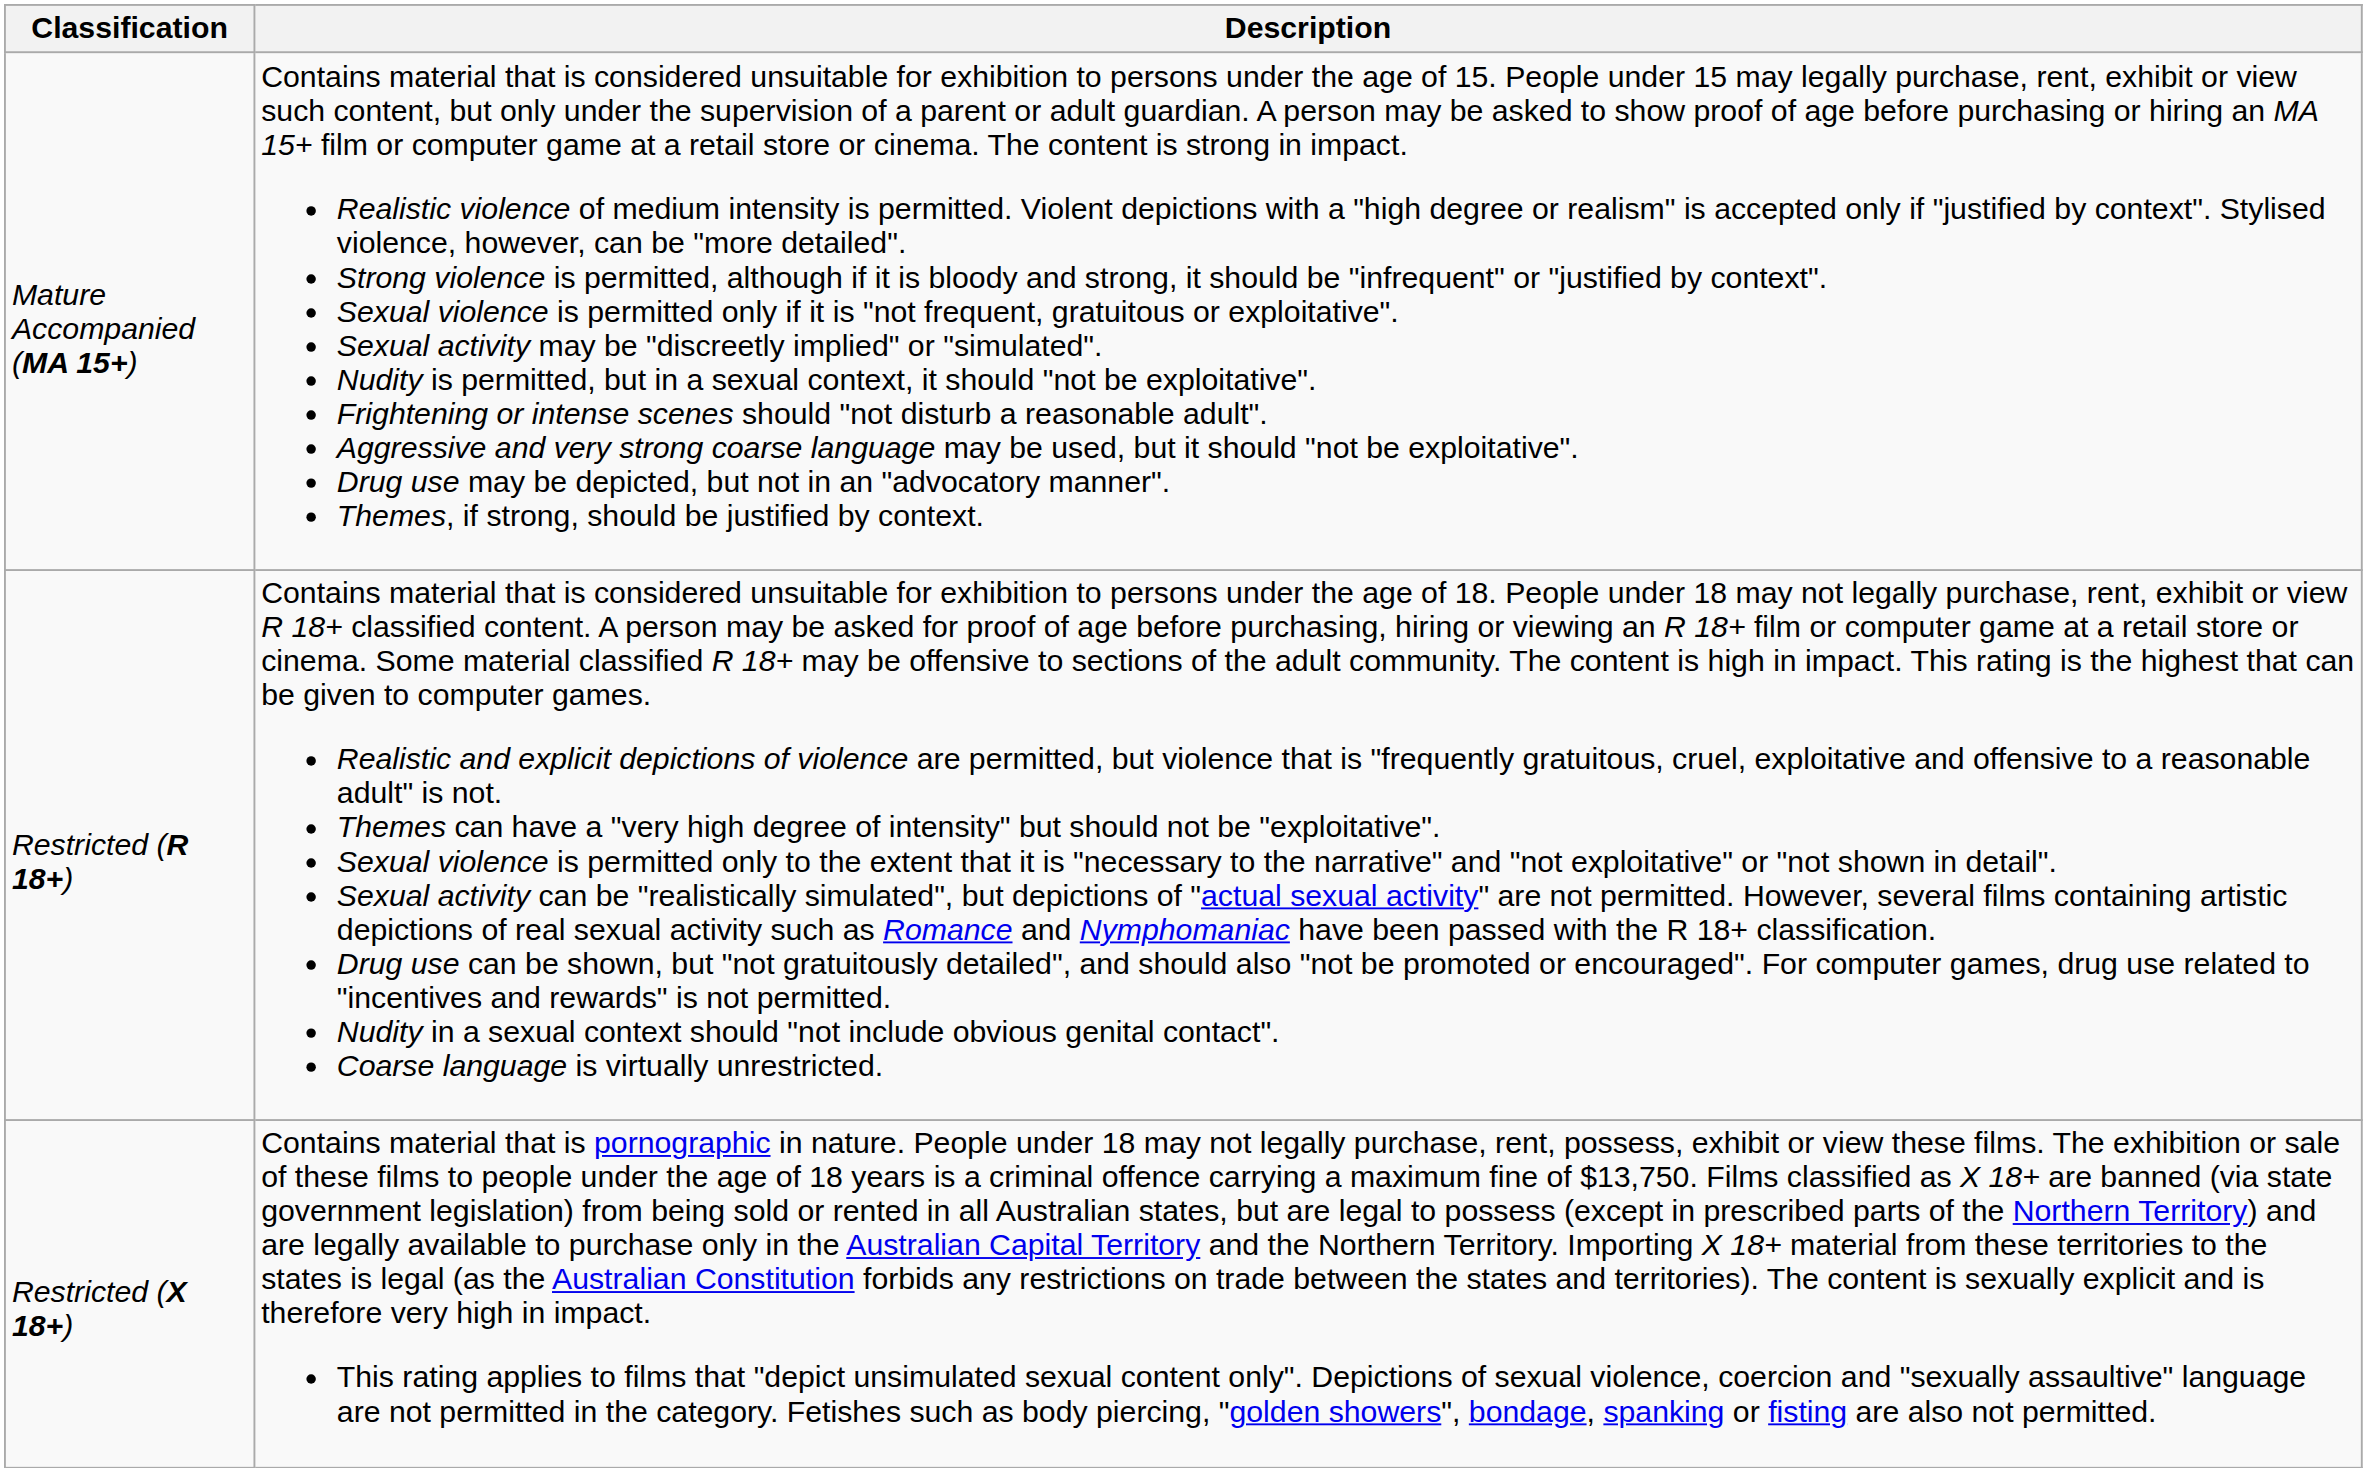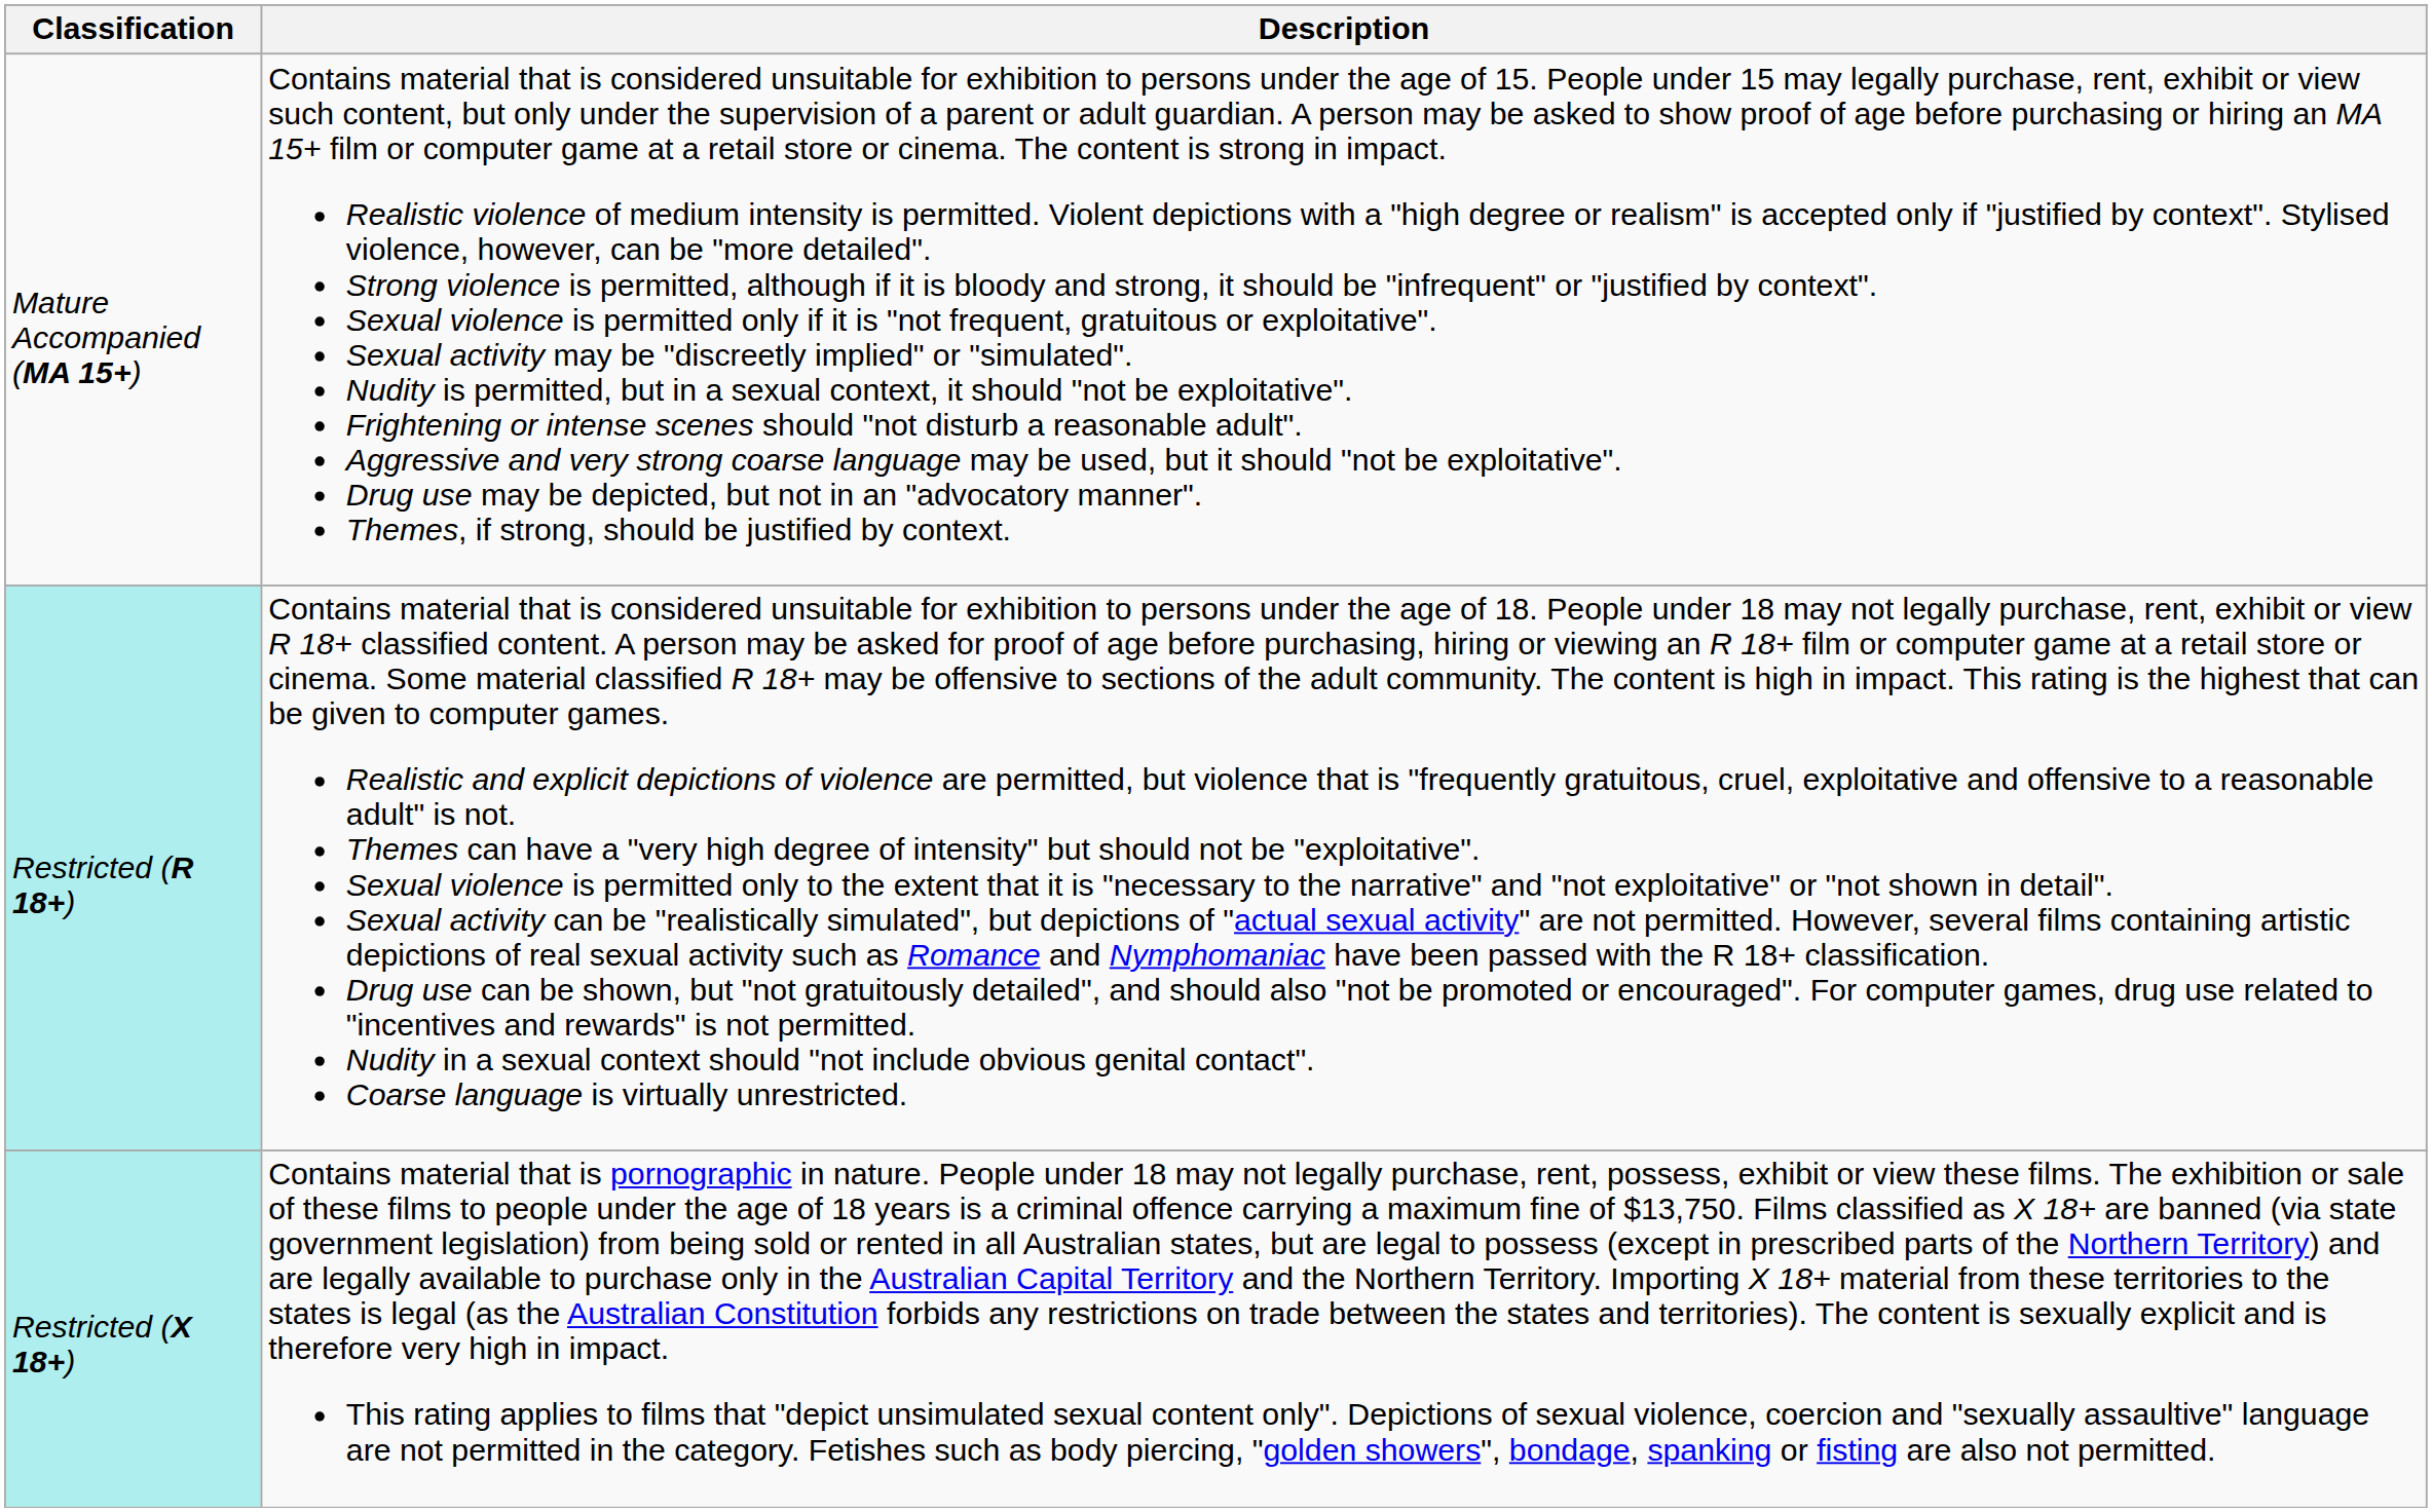 <table class="wikitable">
 <tr>
 <th>Classification</th>
 <th>Description</th>
 </tr>
 <tr>
 <td>  <br><em>Mature Accompanied (<strong>MA 15+</strong>)</em></td>
 <td>Contains material that is considered unsuitable for exhibition to persons under the age of 15. People under 15 may legally purchase, rent, exhibit or view such content, but only under the supervision of a parent or adult guardian. A person may be asked to show proof of age before purchasing or hiring an <em>MA 15+</em> film or computer game at a retail store or cinema. The content is strong in impact.<br><ul><li><em>Realistic violence</em> of medium intensity is permitted. Violent depictions with a "high degree or realism" is accepted only if "justified by context". Stylised violence, however, can be "more detailed".</li><li><em>Strong violence</em> is permitted, although if it is bloody and strong, it should be "infrequent" or "justified by context".</li><li><em>Sexual violence</em> is permitted only if it is "not frequent, gratuitous or exploitative".</li><li><em>Sexual activity</em> may be "discreetly implied" or "simulated".</li><li><em>Nudity</em> is permitted, but in a sexual context, it should "not be exploitative".</li><li><em>Frightening or intense scenes</em> should "not disturb a reasonable adult".</li><li><em>Aggressive and very strong coarse language</em> may be used, but it should "not be exploitative".</li><li><em>Drug use</em> may be depicted, but not in an "advocatory manner".</li><li><em>Themes</em>, if strong, should be justified by context.</li></ul></td>
 </tr>
 <tr>
-<td>  <br><em>Restricted (<strong>R 18+</strong>)</em></td>
+<td style="background: paleturquoise;">  <br><em>Restricted (<strong>R 18+</strong>)</em></td>
 <td>Contains material that is considered unsuitable for exhibition to persons under the age of 18. People under 18 may not legally purchase, rent, exhibit or view <em>R 18+</em> classified content. A person may be asked for proof of age before purchasing, hiring or viewing an <em>R 18+</em> film or computer game at a retail store or cinema. Some material classified <em>R 18+</em> may be offensive to sections of the adult community. The content is high in impact. This rating is the highest that can be given to computer games.<br><ul><li><em>Realistic and explicit depictions of violence</em> are permitted, but violence that is "frequently gratuitous, cruel, exploitative and offensive to a reasonable adult" is not.</li><li><em>Themes</em> can have a "very high degree of intensity" but should not be "exploitative".</li><li><em>Sexual violence</em> is permitted only to the extent that it is "necessary to the narrative" and "not exploitative" or "not shown in detail".</li><li><em>Sexual activity</em> can be "realistically simulated", but depictions of "<a href='#'>actual sexual activity</a>" are not permitted. However, several films containing artistic depictions of real sexual activity such as <em><a href='#'>Romance</a></em> and <em><a href='#'>Nymphomaniac</a></em> have been passed with the R 18+ classification.</li><li><em>Drug use</em> can be shown, but "not gratuitously detailed", and should also "not be promoted or encouraged". For computer games, drug use related to "incentives and rewards" is not permitted.</li><li><em>Nudity</em> in a sexual context should "not include obvious genital contact".</li><li><em>Coarse language</em> is virtually unrestricted.</li></ul></td>
 </tr>
 <tr>
-<td>   <br><em>Restricted (<strong>X 18+</strong>)</em></td>
+<td style="background: paleturquoise;">   <br><em>Restricted (<strong>X 18+</strong>)</em></td>
 <td>Contains material that is <a href='#'>pornographic</a> in nature. People under 18 may not legally purchase, rent, possess, exhibit or view these films. The exhibition or sale of these films to people under the age of 18 years is a criminal offence carrying a maximum fine of $13,750. Films classified as <em>X 18+</em> are banned (via state government legislation) from being sold or rented in all Australian states, but are legal to possess (except in prescribed parts of the <a href='#'>Northern Territory</a>) and are legally available to purchase only in the <a href='#'>Australian Capital Territory</a> and the Northern Territory. Importing <em>X 18+</em> material from these territories to the states is legal (as the <a href='#'>Australian Constitution</a> forbids any restrictions on trade between the states and territories). The content is sexually explicit and is therefore very high in impact.<br><ul><li>This rating applies to films that "depict unsimulated sexual content only". Depictions of sexual violence, coercion and "sexually assaultive" language are not permitted in the category. Fetishes such as body piercing, "<a href='#'>golden showers</a>", <a href='#'>bondage</a>, <a href='#'>spanking</a> or <a href='#'>fisting</a> are also not permitted.</li></ul></td>
 </tr>
 </table>
